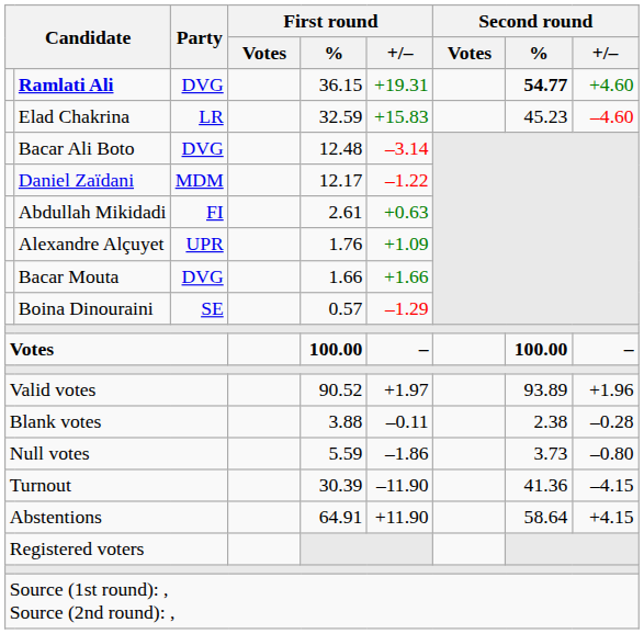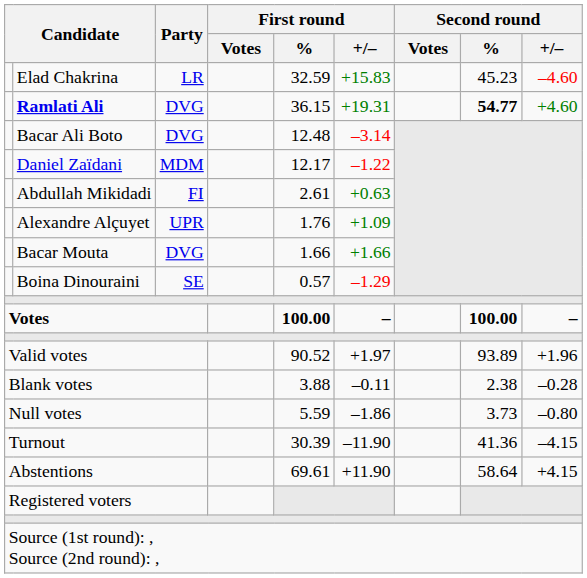 <table class="wikitable" style="text-align:right;font-size:95%;">
 <tr>
 <th rowspan="2" colspan="2">Candidate</th>
 <th rowspan="2">Party</th>
 <th colspan="3">First round</th>
 <th colspan="3">Second round</th>
 </tr>
 <tr>
 <th style="width:50px;">Votes</th>
 <th style="width:45px;">%</th>
 <th style="width:45px;">+/–</th>
 <th style="width:50px;">Votes</th>
 <th style="width:45px;">%</th>
 <th style="width:45px;">+/–</th>
 </tr>
 <tr>
 <td style="background:"></td>
+<td style="text-align:left;">Elad Chakrina</td>
+<td><a href='#'>LR</a></td>
+<td></td>
+<td>32.59</td>
+<td style="color:green;">+15.83</td>
+<td></td>
+<td>45.23</td>
+<td style="color:red;">–4.60</td>
+</tr>
+<tr>
+<td style="background:"></td>
 <td style="text-align:left;"><strong><a href='#'>Ramlati Ali</a></strong></td>
 <td><a href='#'>DVG</a></td>
 <td></td>
 <td>36.15</td>
 <td style="color:green;">+19.31</td>
 <td><strong></strong></td>
 <td><strong>54.77</strong></td>
 <td style="color:green;">+4.60</td>
-</tr>
-<tr>
-<td style="background:"></td>
-<td style="text-align:left;">Elad Chakrina</td>
-<td><a href='#'>LR</a></td>
-<td></td>
-<td>32.59</td>
-<td style="color:green;">+15.83</td>
-<td></td>
-<td>45.23</td>
-<td style="color:red;">–4.60</td>
 </tr>
 <tr>
 <td style="background:"></td>
 <td style="text-align:left;">Bacar Ali Boto</td>
 <td><a href='#'>DVG</a></td>
 <td></td>
 <td>12.48</td>
 <td style="color:red;">–3.14</td>
 <td colspan="3" rowspan="6" style="background:#E9E9E9;"></td>
 </tr>
 <tr>
 <td style="background:"></td>
 <td style="text-align:left;"><a href='#'>Daniel Zaïdani</a></td>
 <td><a href='#'>MDM</a></td>
 <td></td>
 <td>12.17</td>
 <td style="color:red;">–1.22</td>
 </tr>
 <tr>
 <td style="background:"></td>
 <td style="text-align:left;">Abdullah Mikidadi</td>
 <td><a href='#'>FI</a></td>
 <td></td>
 <td>2.61</td>
 <td style="color:green;">+0.63</td>
 </tr>
 <tr>
 <td style="background:"></td>
 <td style="text-align:left;">Alexandre Alçuyet</td>
 <td><a href='#'>UPR</a></td>
 <td></td>
 <td>1.76</td>
 <td style="color:green;">+1.09</td>
 </tr>
 <tr>
 <td style="background:"></td>
 <td style="text-align:left;">Bacar Mouta</td>
 <td><a href='#'>DVG</a></td>
 <td></td>
 <td>1.66</td>
 <td style="color:green;">+1.66</td>
 </tr>
 <tr>
 <td style="background:"></td>
 <td style="text-align:left;">Boina Dinouraini</td>
 <td><a href='#'>SE</a></td>
 <td></td>
 <td>0.57</td>
 <td style="color:red;">–1.29</td>
 </tr>
 <tr>
 <td colspan="9" style="background:#E9E9E9;"></td>
 </tr>
 <tr style="font-weight:bold;">
 <td colspan="3" style="text-align:left;">Votes</td>
 <td></td>
 <td>100.00</td>
 <td>–</td>
 <td></td>
 <td>100.00</td>
 <td>–</td>
 </tr>
 <tr>
 <td colspan="9" style="background:#E9E9E9;"></td>
 </tr>
 <tr>
 <td colspan="3" style="text-align:left;">Valid votes</td>
 <td></td>
 <td>90.52</td>
 <td>+1.97</td>
 <td></td>
 <td>93.89</td>
 <td>+1.96</td>
 </tr>
 <tr>
 <td colspan="3" style="text-align:left;">Blank votes</td>
 <td></td>
 <td>3.88</td>
 <td>–0.11</td>
 <td></td>
 <td>2.38</td>
 <td>–0.28</td>
 </tr>
 <tr>
 <td colspan="3" style="text-align:left;">Null votes</td>
 <td></td>
 <td>5.59</td>
 <td>–1.86</td>
 <td></td>
 <td>3.73</td>
 <td>–0.80</td>
 </tr>
 <tr>
 <td colspan="3" style="text-align:left;">Turnout</td>
 <td></td>
 <td>30.39</td>
 <td>–11.90</td>
 <td></td>
 <td>41.36</td>
 <td>–4.15</td>
 </tr>
 <tr>
 <td colspan="3" style="text-align:left;">Abstentions</td>
 <td></td>
-<td>64.91</td>
+<td>69.61</td>
 <td>+11.90</td>
 <td></td>
 <td>58.64</td>
 <td>+4.15</td>
 </tr>
 <tr>
 <td colspan="3" style="text-align:left;">Registered voters</td>
 <td></td>
 <td colspan="2" style="background:#E9E9E9;"></td>
 <td></td>
 <td colspan="2" style="background:#E9E9E9;"></td>
 </tr>
 <tr>
 <td colspan="9" style="background:#E9E9E9;"></td>
 </tr>
 <tr>
 <td colspan="9" style="text-align:left;">Source (1st round): , <br>Source (2nd round): , </td>
 </tr>
 </table>
